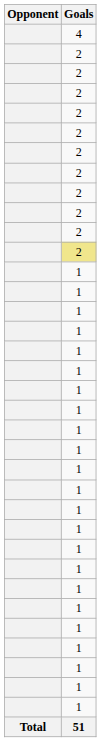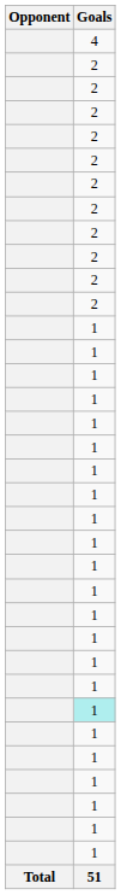 <table class="wikitable plainrowheaders sortable" style="text-align:center; font-size:95%">
 <tr>
 <th scope="col">Opponent</th>
 <th scope="col">Goals</th>
 </tr>
 <tr>
 <th scope="row"></th>
 <td>4</td>
 </tr>
 <tr>
 <th scope="row"></th>
 <td>2</td>
 </tr>
 <tr>
 <th scope="row"></th>
 <td>2</td>
 </tr>
 <tr>
 <th scope="row"></th>
 <td>2</td>
 </tr>
 <tr>
 <th scope="row"></th>
 <td>2</td>
 </tr>
 <tr>
 <th scope="row"></th>
 <td>2</td>
 </tr>
 <tr>
 <th scope="row"></th>
 <td>2</td>
 </tr>
 <tr>
 <th scope="row"></th>
 <td>2</td>
 </tr>
 <tr>
 <th scope="row"></th>
 <td>2</td>
 </tr>
 <tr>
 <th scope="row"></th>
 <td>2</td>
 </tr>
 <tr>
 <th scope="row"></th>
 <td>2</td>
 </tr>
 <tr>
 <th scope="row"></th>
-<td style="background: khaki;">2</td>
+<td>2</td>
 </tr>
 <tr>
 <th scope="row"></th>
 <td>1</td>
 </tr>
 <tr>
 <th scope="row"></th>
 <td>1</td>
 </tr>
 <tr>
 <th scope="row"></th>
 <td>1</td>
 </tr>
 <tr>
 <th scope="row"></th>
 <td>1</td>
 </tr>
 <tr>
 <th scope="row"></th>
 <td>1</td>
 </tr>
 <tr>
 <th scope="row"></th>
 <td>1</td>
 </tr>
 <tr>
 <th scope="row"></th>
 <td>1</td>
 </tr>
 <tr>
 <th scope="row"></th>
 <td>1</td>
 </tr>
 <tr>
 <th scope="row"></th>
 <td>1</td>
 </tr>
 <tr>
 <th scope="row"></th>
 <td>1</td>
 </tr>
 <tr>
 <th scope="row"></th>
 <td>1</td>
 </tr>
 <tr>
 <th scope="row"></th>
 <td>1</td>
 </tr>
 <tr>
 <th scope="row"></th>
 <td>1</td>
 </tr>
 <tr>
 <th scope="row"></th>
 <td>1</td>
 </tr>
 <tr>
 <th scope="row"></th>
 <td>1</td>
 </tr>
 <tr>
 <th scope="row"></th>
 <td>1</td>
 </tr>
 <tr>
 <th scope="row"></th>
-<td>1</td>
+<td style="background: paleturquoise;">1</td>
 </tr>
 <tr>
 <th scope="row"></th>
 <td>1</td>
 </tr>
 <tr>
 <th scope="row"></th>
 <td>1</td>
 </tr>
 <tr>
 <th scope="row"></th>
 <td>1</td>
 </tr>
 <tr>
 <th scope="row"></th>
 <td>1</td>
 </tr>
 <tr>
 <th scope="row"></th>
 <td>1</td>
 </tr>
 <tr>
 <th scope="row"></th>
 <td>1</td>
 </tr>
 <tr>
 <th>Total</th>
 <th>51</th>
 </tr>
 </table>
